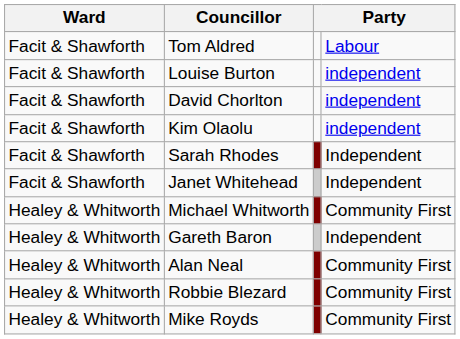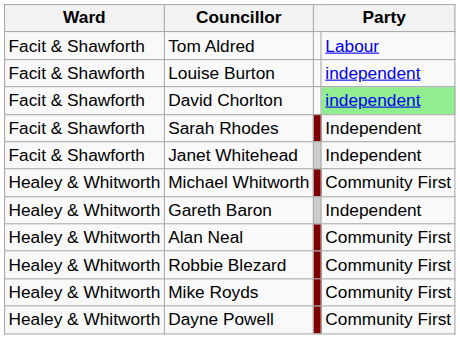 <table class="wikitable">
 <tr>
 <th>Ward</th>
 <th>Councillor</th>
 <th colspan="2">Party</th>
 </tr>
 <tr>
 <td>Facit & Shawforth</td>
 <td>Tom Aldred</td>
 <td style="background-color: "></td>
 <td><a href='#'>Labour</a></td>
 </tr>
 <tr>
 <td>Facit & Shawforth</td>
 <td>Louise Burton</td>
 <td style="background-color: "></td>
 <td><a href='#'>independent</a></td>
 </tr>
 <tr>
 <td>Facit & Shawforth</td>
 <td>David Chorlton</td>
 <td style="background-color: "></td>
-<td><a href='#'>independent</a></td>
-</tr>
-<tr>
-<td>Facit & Shawforth</td>
-<td>Kim Olaolu</td>
-<td style="background-color: "></td>
-<td><a href='#'>independent</a></td>
+<td style="background: lightgreen;"><a href='#'>independent</a></td>
 </tr>
 <tr>
 <td>Facit & Shawforth</td>
 <td>Sarah Rhodes</td>
 <td style="background-color: #7F0000"></td>
 <td>Independent</td>
 </tr>
 <tr>
 <td>Facit & Shawforth</td>
 <td>Janet Whitehead</td>
 <td style="background-color: #CCCCCC"></td>
 <td>Independent</td>
 </tr>
 <tr>
 <td>Healey & Whitworth</td>
 <td>Michael Whitworth</td>
 <td style="background-color: #7F0000"></td>
 <td>Community First</td>
 </tr>
 <tr>
 <td>Healey & Whitworth</td>
 <td>Gareth Baron</td>
 <td style="background-color: #CCCCCC"></td>
 <td>Independent</td>
 </tr>
 <tr>
 <td>Healey & Whitworth</td>
 <td>Alan Neal</td>
 <td style="background-color: #7F0000"></td>
 <td>Community First</td>
 </tr>
 <tr>
 <td>Healey & Whitworth</td>
 <td>Robbie Blezard</td>
 <td style="background-color: #7F0000"></td>
 <td>Community First</td>
 </tr>
 <tr>
 <td>Healey & Whitworth</td>
 <td>Mike Royds</td>
 <td style="background-color: #7F0000"></td>
 <td>Community First</td>
 </tr>
+<tr>
+<td>Healey & Whitworth</td>
+<td>Dayne Powell</td>
+<td style="background-color: #7F0000"></td>
+<td>Community First</td>
+</tr>
 </table>
